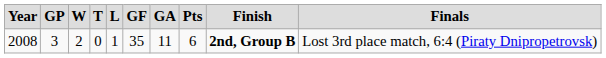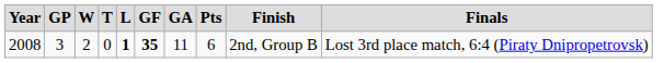 <table class="wikitable" style="text-align: center; font-size: 95%;">
 <tr style="font-size: xsmall; font-weight:bold; background-color:#dddddd;">
 <td>Year</td>
 <td>GP</td>
 <td>W</td>
 <td>T</td>
 <td>L</td>
 <td>GF</td>
 <td>GA</td>
 <td>Pts</td>
 <td>Finish</td>
 <td>Finals</td>
 </tr>
 <tr align="center">
 <td>2008</td>
 <td>3</td>
 <td>2</td>
 <td>0</td>
-<td>1</td>
-<td>35</td>
+<td><strong>1</strong></td>
+<td><strong>35</strong></td>
 <td>11</td>
 <td>6</td>
-<td><strong>2nd, Group B</strong></td>
+<td>2nd, Group B</td>
 <td align="left">Lost 3rd place match, 6:4 (<a href='#'>Piraty Dnipropetrovsk</a>)</td>
 </tr>
 </table>
